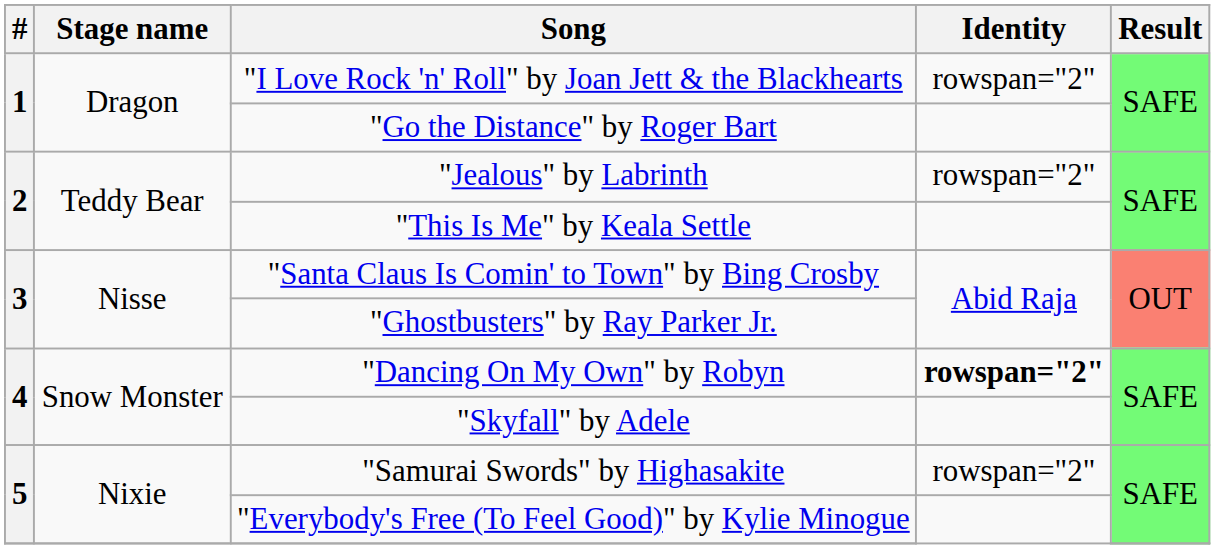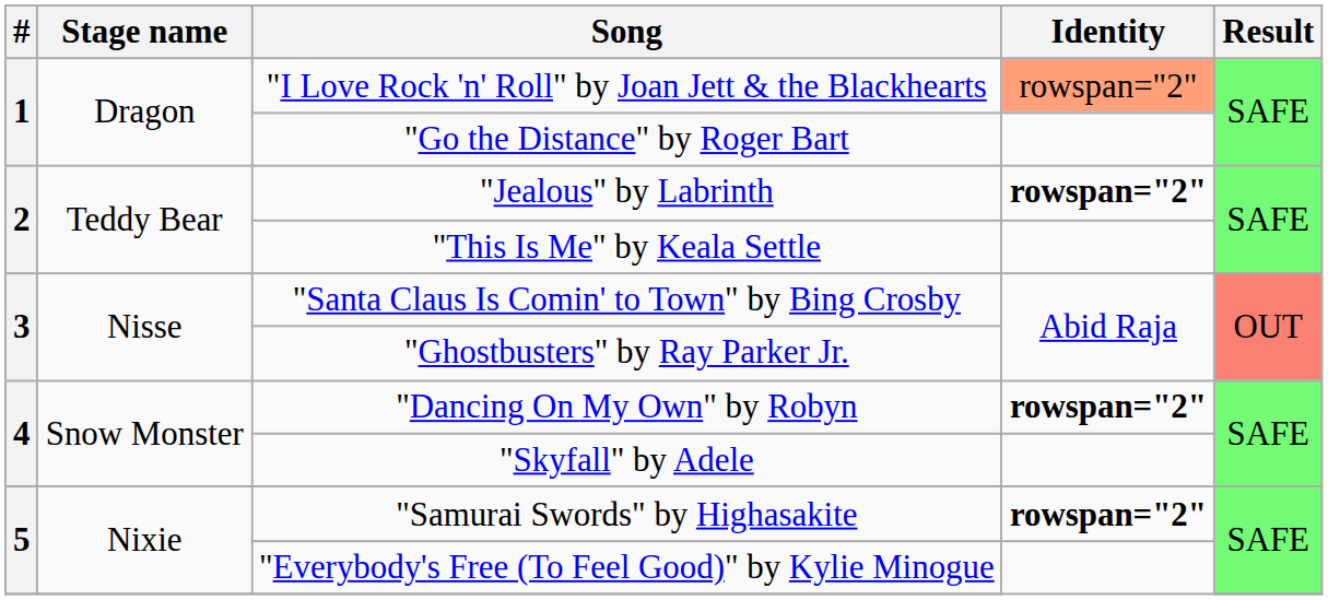 <table class="wikitable plainrowheaders" style="text-align: center;">
 <tr>
 <th>#</th>
 <th>Stage name</th>
 <th>Song</th>
 <th>Identity</th>
 <th>Result</th>
 </tr>
 <tr>
 <th rowspan="2">1</th>
 <td rowspan="2">Dragon</td>
 <td>"<a href='#'>I Love Rock 'n' Roll</a>" by <a href='#'>Joan Jett & the Blackhearts</a></td>
-<td>rowspan="2" </td>
+<td style="background: lightsalmon;">rowspan="2" </td>
 <td rowspan="2" bgcolor="#73FB76">SAFE</td>
 </tr>
 <tr>
 <td>"<a href='#'>Go the Distance</a>" by <a href='#'>Roger Bart</a></td>
 </tr>
 <tr>
 <th rowspan="2">2</th>
 <td rowspan="2">Teddy Bear</td>
 <td>"<a href='#'>Jealous</a>" by <a href='#'>Labrinth</a></td>
-<td>rowspan="2" </td>
+<td><strong>rowspan="2" </strong></td>
 <td rowspan="2" bgcolor="#73FB76">SAFE</td>
 </tr>
 <tr>
 <td>"<a href='#'>This Is Me</a>" by <a href='#'>Keala Settle</a></td>
 </tr>
 <tr>
 <th rowspan="2">3</th>
 <td rowspan="2">Nisse</td>
 <td>"<a href='#'>Santa Claus Is Comin' to Town</a>" by <a href='#'>Bing Crosby</a></td>
 <td rowspan="2"><a href='#'>Abid Raja</a></td>
 <td rowspan="2" bgcolor=salmon>OUT</td>
 </tr>
 <tr>
 <td>"<a href='#'>Ghostbusters</a>" by <a href='#'>Ray Parker Jr.</a></td>
 </tr>
 <tr>
 <th rowspan="2">4</th>
 <td rowspan="2">Snow Monster</td>
 <td>"<a href='#'>Dancing On My Own</a>" by <a href='#'>Robyn</a></td>
 <td><strong>rowspan="2" </strong></td>
 <td rowspan="2" bgcolor="#73FB76">SAFE</td>
 </tr>
 <tr>
 <td>"<a href='#'>Skyfall</a>" by <a href='#'>Adele</a></td>
 </tr>
 <tr>
 <th rowspan="2">5</th>
 <td rowspan="2">Nixie</td>
 <td>"Samurai Swords" by <a href='#'>Highasakite</a></td>
-<td>rowspan="2" </td>
+<td><strong>rowspan="2" </strong></td>
 <td rowspan="2" bgcolor="#73FB76">SAFE</td>
 </tr>
 <tr>
 <td>"<a href='#'>Everybody's Free (To Feel Good)</a>" by <a href='#'>Kylie Minogue</a></td>
 </tr>
 <tr>
 </tr>
 </table>
